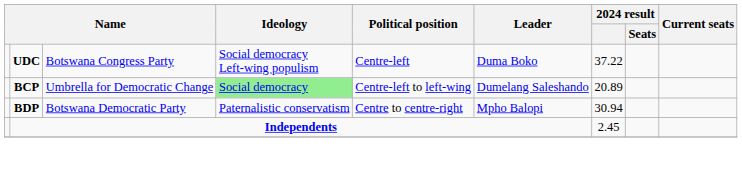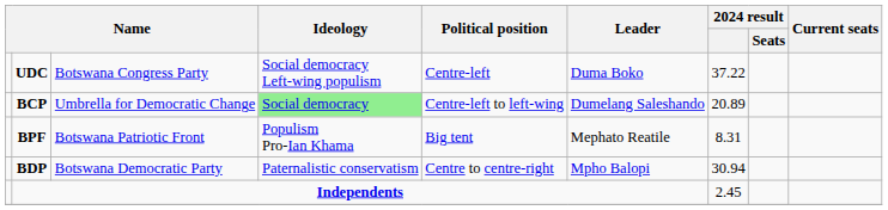 <table class="wikitable">
 <tr>
 <th colspan="3" rowspan="2">Name</th>
 <th rowspan="2">Ideology</th>
 <th rowspan="2">Political position</th>
 <th rowspan="2">Leader</th>
 <th colspan="2">2024 result</th>
 <th rowspan="2">Current seats</th>
 </tr>
 <tr>
 <th></th>
 <th>Seats</th>
 </tr>
 <tr>
 <td style="background:"></td>
 <td style="text-align:center;"><strong>UDC</strong></td>
 <td><a href='#'>Botswana Congress Party</a></td>
 <td><a href='#'>Social democracy</a><br><a href='#'>Left-wing populism</a></td>
 <td><a href='#'>Centre-left</a></td>
 <td><a href='#'>Duma Boko</a></td>
 <td style="text-align:center;">37.22</td>
 <td></td>
 <td></td>
 </tr>
 <tr>
 <td style="background:"></td>
 <td style="text-align:center;"><strong>BCP</strong></td>
 <td><a href='#'>Umbrella for Democratic Change</a></td>
 <td style="background: lightgreen;"><a href='#'>Social democracy</a></td>
 <td><a href='#'>Centre-left</a> to <a href='#'>left-wing</a></td>
 <td><a href='#'>Dumelang Saleshando</a></td>
 <td style="text-align:center;">20.89</td>
 <td></td>
 <td></td>
 </tr>
 <tr>
 <td style="background:"></td>
+<td style="text-align:center;"><strong>BPF</strong></td>
+<td><a href='#'>Botswana Patriotic Front</a></td>
+<td><a href='#'>Populism</a><br>Pro-<a href='#'>Ian Khama</a></td>
+<td><a href='#'>Big tent</a></td>
+<td>Mephato Reatile</td>
+<td style="text-align:center;">8.31</td>
+<td></td>
+<td></td>
+</tr>
+<tr>
+<td style="background:"></td>
 <td style="text-align:center;"><strong>BDP</strong></td>
 <td><a href='#'>Botswana Democratic Party</a></td>
 <td><a href='#'>Paternalistic conservatism</a></td>
 <td><a href='#'>Centre</a> to <a href='#'>centre-right</a></td>
 <td><a href='#'>Mpho Balopi</a></td>
 <td style="text-align:center;">30.94</td>
 <td></td>
 <td></td>
 </tr>
 <tr>
 <td style="background:"></td>
 <td colspan="5" style="text-align:center;"><strong><a href='#'>Independents</a></strong></td>
 <td style="text-align:center;">2.45</td>
 <td></td>
 <td></td>
 </tr>
 <tr>
 </tr>
 </table>
